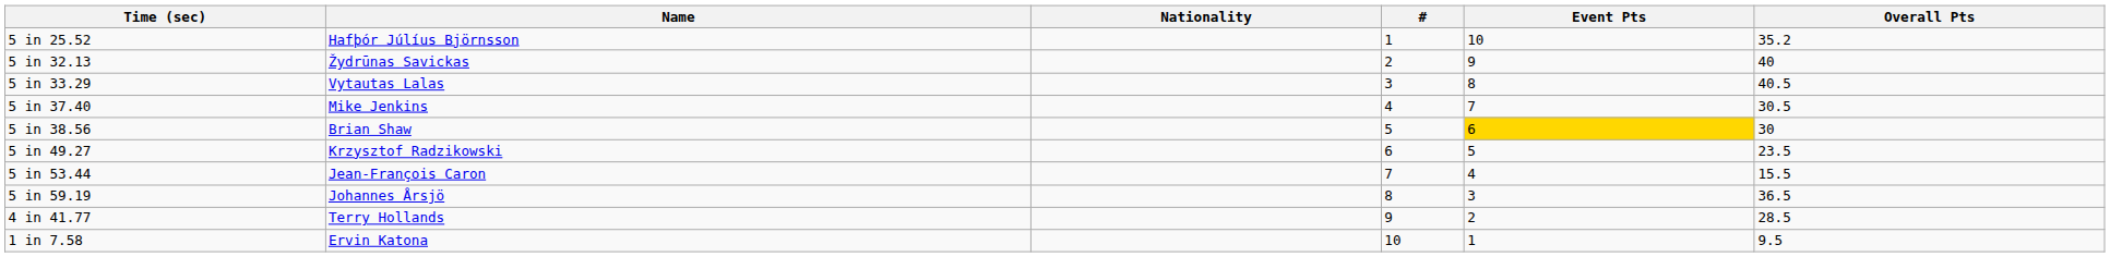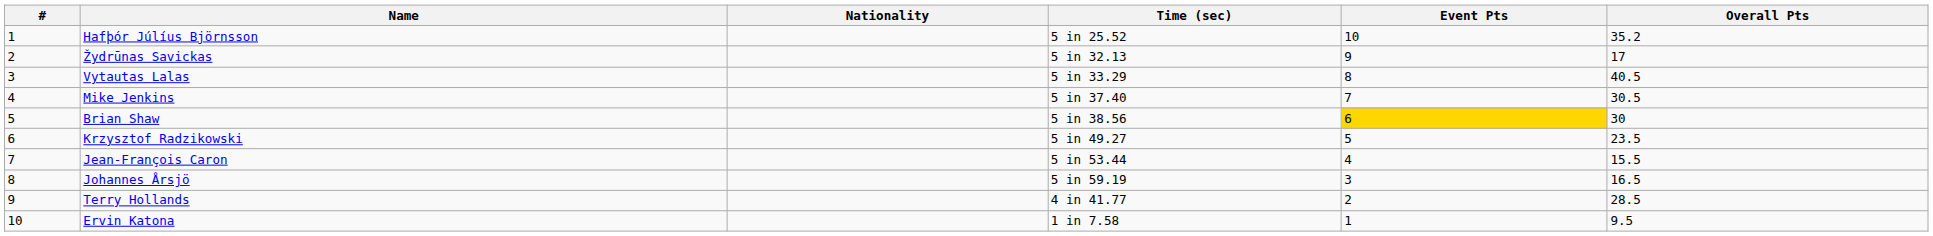 <table class="wikitable sortable" style="display: inline-table; width: 100%;">
 <tr>
-<th>Time (sec)</th>
+<th>#</th>
 <th>Name</th>
 <th>Nationality</th>
-<th>#</th>
+<th>Time (sec)</th>
 <th>Event Pts</th>
 <th>Overall Pts</th>
 </tr>
 <tr>
-<td>5 in 25.52</td>
+<td>1</td>
 <td><a href='#'>Hafþór Júlíus Björnsson</a></td>
 <td></td>
-<td>1</td>
+<td>5 in 25.52</td>
 <td>10</td>
 <td>35.2</td>
 </tr>
 <tr>
-<td>5 in 32.13</td>
+<td>2</td>
 <td><a href='#'>Žydrūnas Savickas</a></td>
 <td></td>
-<td>2</td>
+<td>5 in 32.13</td>
 <td>9</td>
-<td>40</td>
+<td>17</td>
 </tr>
 <tr>
-<td>5 in 33.29</td>
+<td>3</td>
 <td><a href='#'>Vytautas Lalas</a></td>
 <td></td>
-<td>3</td>
+<td>5 in 33.29</td>
 <td>8</td>
 <td>40.5</td>
 </tr>
 <tr>
-<td>5 in 37.40</td>
+<td>4</td>
 <td><a href='#'>Mike Jenkins</a></td>
 <td></td>
-<td>4</td>
+<td>5 in 37.40</td>
 <td>7</td>
 <td>30.5</td>
 </tr>
 <tr>
-<td>5 in 38.56</td>
+<td>5</td>
 <td><a href='#'>Brian Shaw</a></td>
 <td></td>
-<td>5</td>
+<td>5 in 38.56</td>
 <td style="background: gold;">6</td>
 <td>30</td>
 </tr>
 <tr>
-<td>5 in 49.27</td>
+<td>6</td>
 <td><a href='#'>Krzysztof Radzikowski</a></td>
 <td></td>
-<td>6</td>
+<td>5 in 49.27</td>
 <td>5</td>
 <td>23.5</td>
 </tr>
 <tr>
-<td>5 in 53.44</td>
+<td>7</td>
 <td><a href='#'>Jean-François Caron</a></td>
 <td></td>
-<td>7</td>
+<td>5 in 53.44</td>
 <td>4</td>
 <td>15.5</td>
 </tr>
 <tr>
-<td>5 in 59.19</td>
+<td>8</td>
 <td><a href='#'>Johannes Årsjö</a></td>
 <td></td>
-<td>8</td>
+<td>5 in 59.19</td>
 <td>3</td>
-<td>36.5</td>
+<td>16.5</td>
 </tr>
 <tr>
-<td>4 in 41.77</td>
+<td>9</td>
 <td><a href='#'>Terry Hollands</a></td>
 <td></td>
-<td>9</td>
+<td>4 in 41.77</td>
 <td>2</td>
 <td>28.5</td>
 </tr>
 <tr>
-<td>1 in 7.58</td>
+<td>10</td>
 <td><a href='#'>Ervin Katona</a></td>
 <td></td>
-<td>10</td>
+<td>1 in 7.58</td>
 <td>1</td>
 <td>9.5</td>
 </tr>
 </table>
